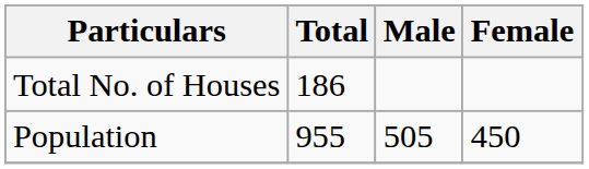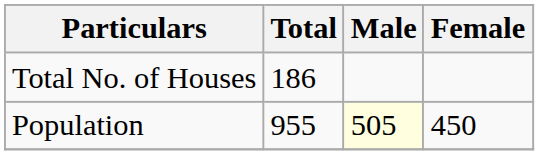 <table class="wikitable sortable">
 <tr>
 <th>Particulars</th>
 <th>Total</th>
 <th>Male</th>
 <th>Female</th>
 </tr>
 <tr>
 <td>Total No. of Houses</td>
 <td>186</td>
 <td></td>
 <td></td>
 </tr>
 <tr>
 <td>Population</td>
 <td>955</td>
-<td>505</td>
+<td style="background: lightyellow;">505</td>
 <td>450</td>
 </tr>
 <tr>
 </tr>
 </table>
